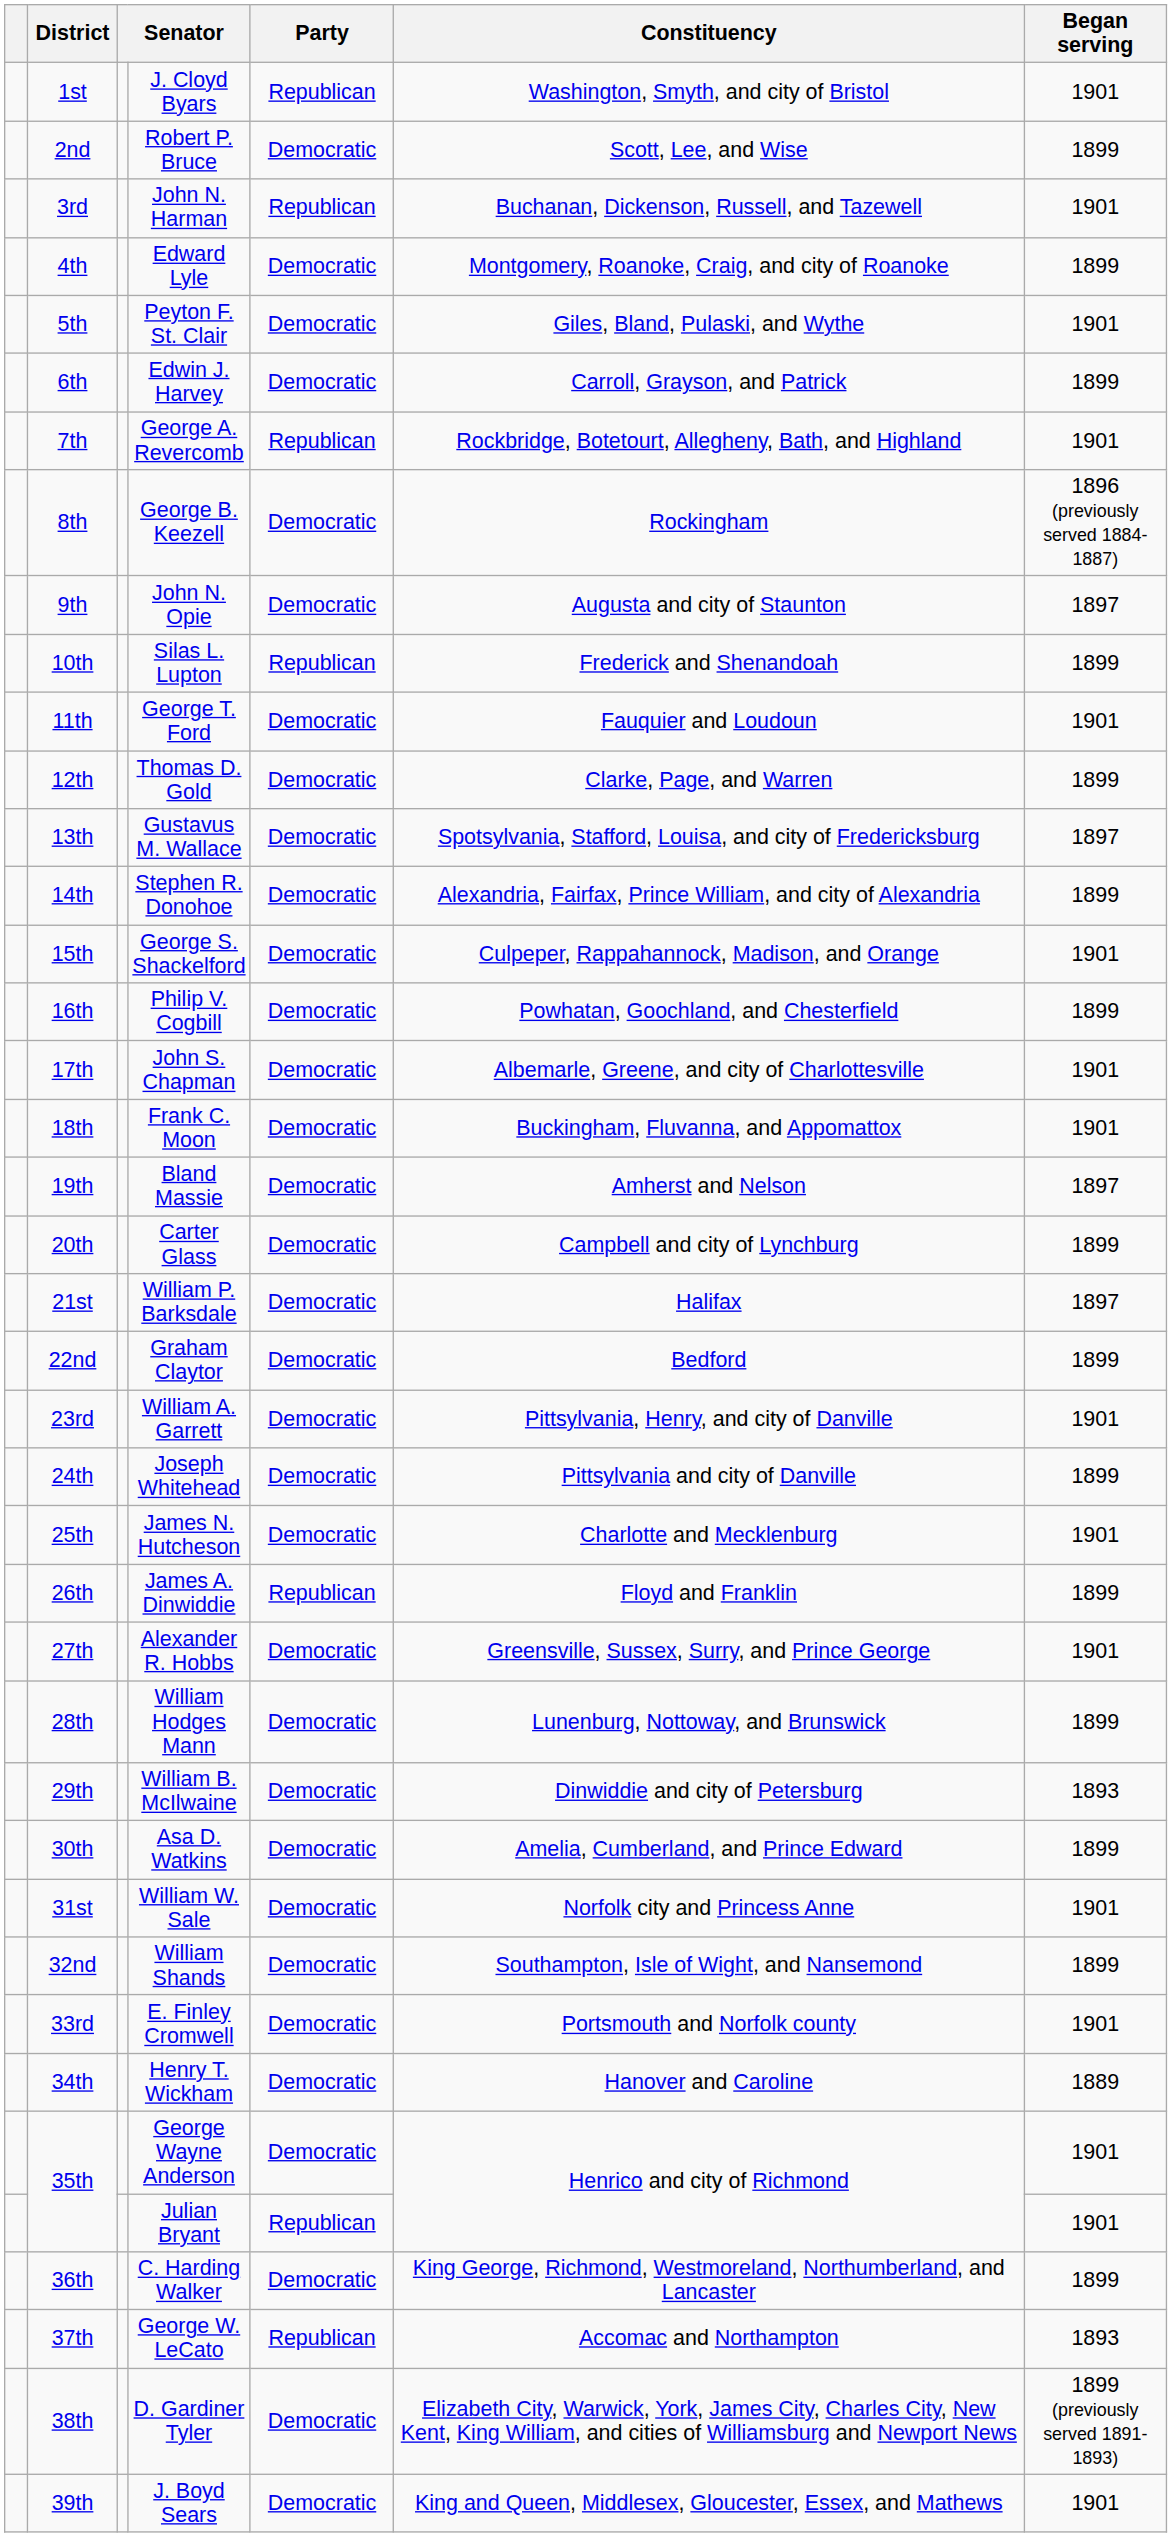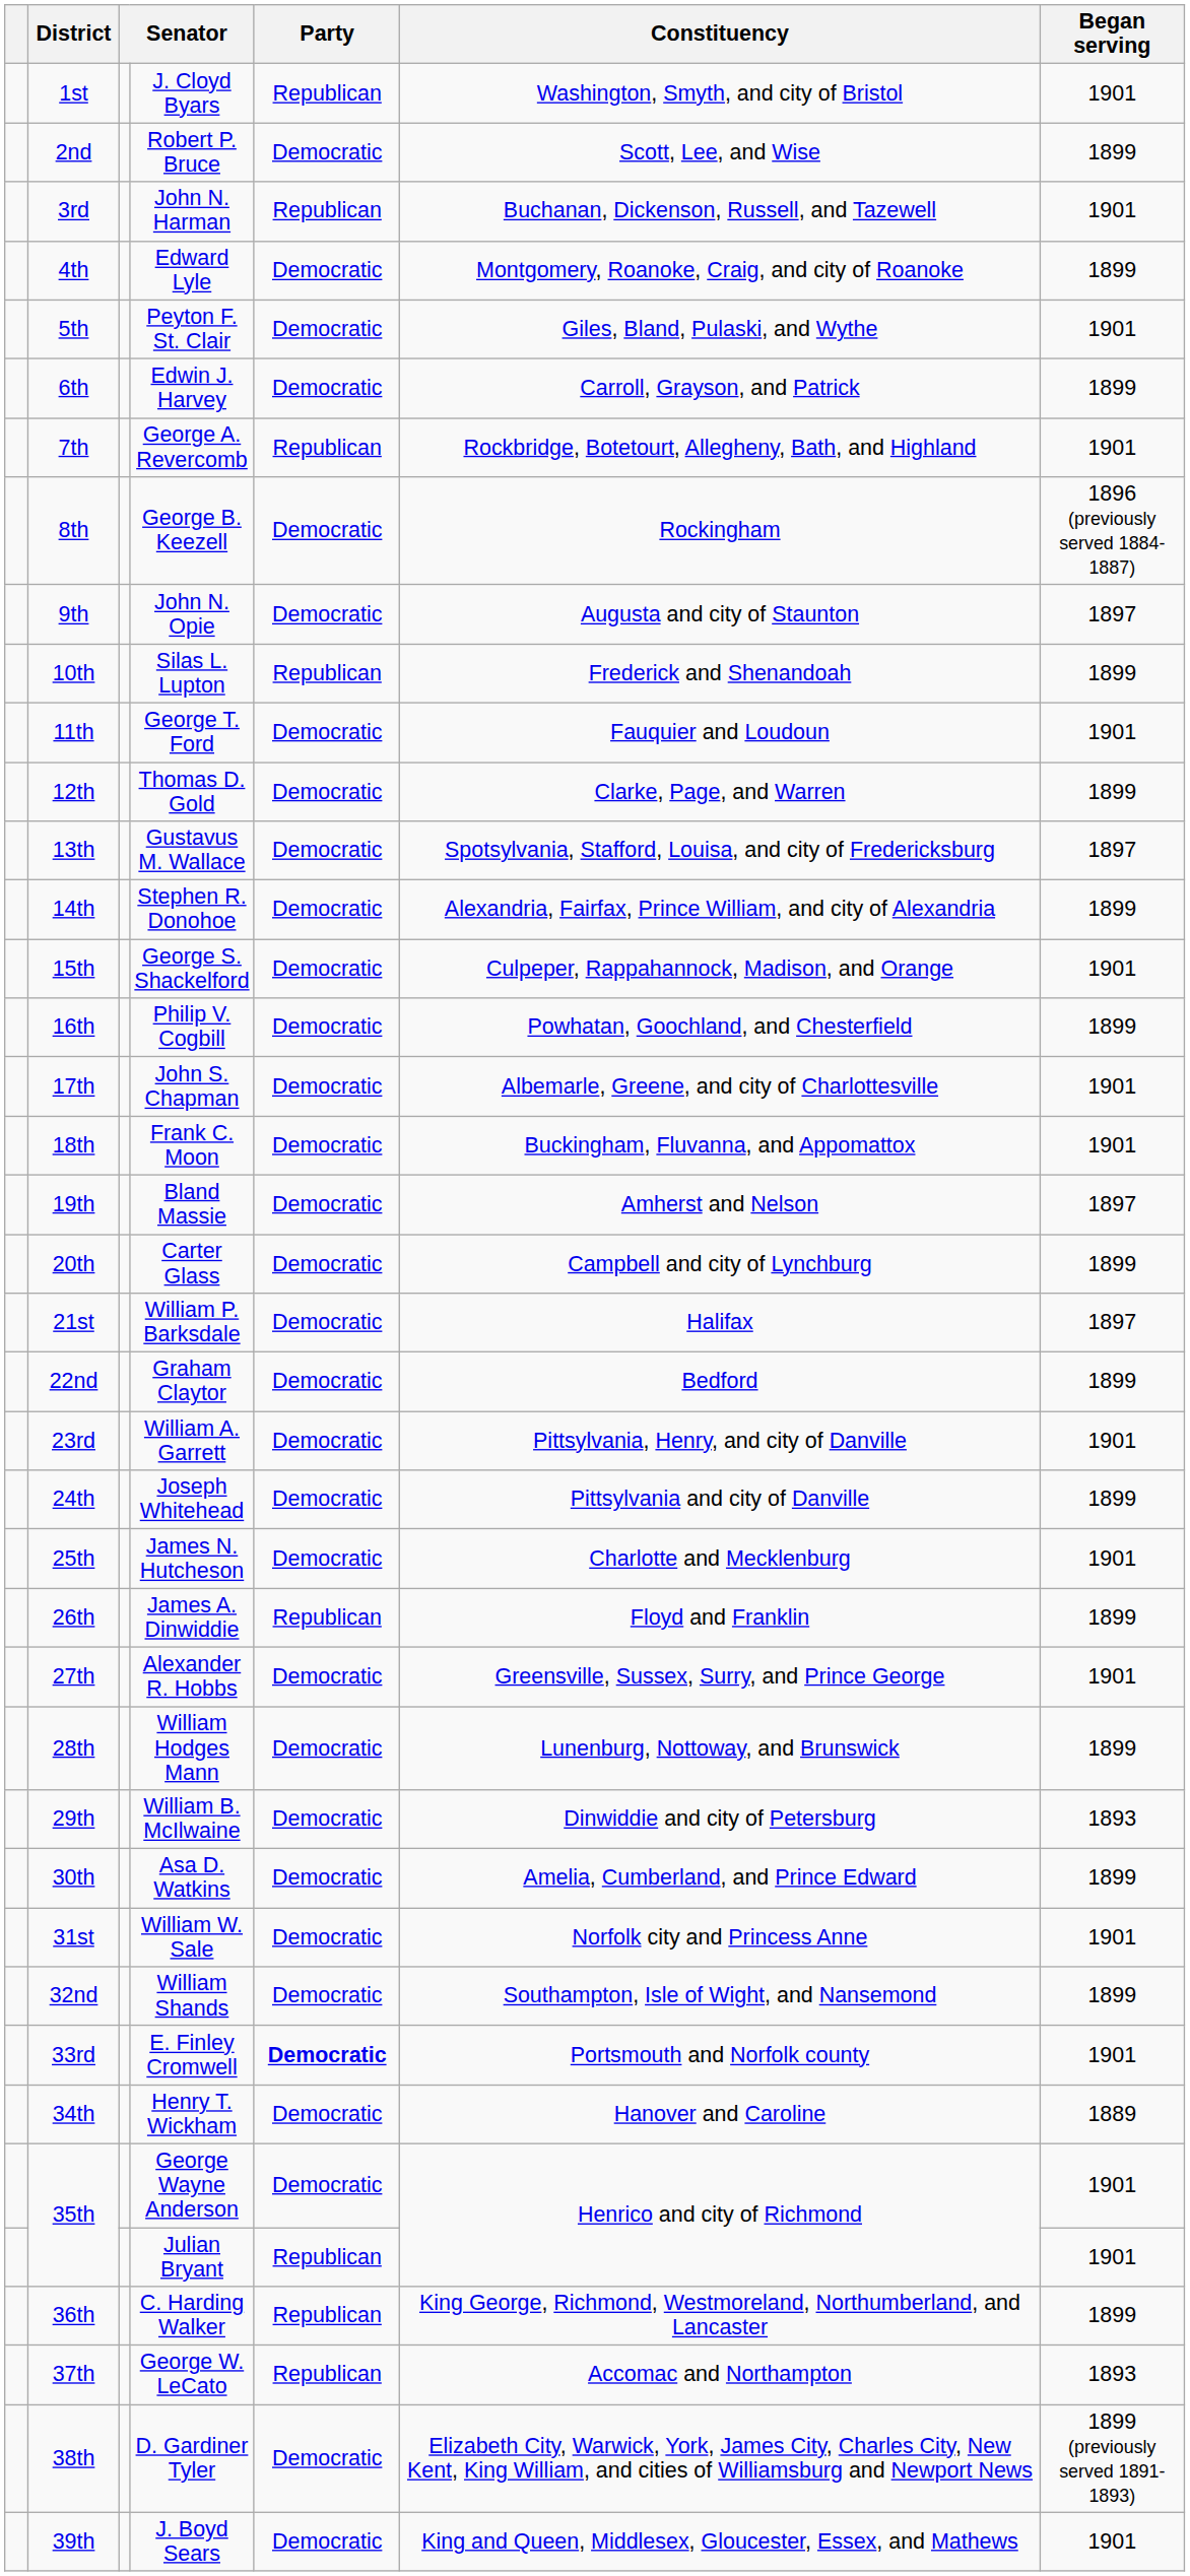 <table class="wikitable" style="text-align:center">
 <tr>
 <th width="10px"></th>
 <th width="60px">District</th>
 <th colspan=2 width="225px">Senator</th>
 <th width="100px">Party</th>
 <th width="475px">Constituency</th>
 <th width="100px">Began serving</th>
 </tr>
 <tr>
 <td style="background-color:"></td>
 <td><a href='#'>1st</a></td>
 <td></td>
 <td><a href='#'>J. Cloyd Byars</a></td>
 <td><a href='#'>Republican</a></td>
 <td><a href='#'>Washington</a>, <a href='#'>Smyth</a>, and city of <a href='#'>Bristol</a></td>
 <td>1901</td>
 </tr>
 <tr>
 <td style="background-color:"></td>
 <td><a href='#'>2nd</a></td>
 <td></td>
 <td><a href='#'>Robert P. Bruce</a></td>
 <td><a href='#'>Democratic</a></td>
 <td><a href='#'>Scott</a>, <a href='#'>Lee</a>, and <a href='#'>Wise</a></td>
 <td>1899</td>
 </tr>
 <tr>
 <td style="background-color:"></td>
 <td><a href='#'>3rd</a></td>
 <td></td>
 <td><a href='#'>John N. Harman</a></td>
 <td><a href='#'>Republican</a></td>
 <td><a href='#'>Buchanan</a>, <a href='#'>Dickenson</a>, <a href='#'>Russell</a>, and <a href='#'>Tazewell</a></td>
 <td>1901</td>
 </tr>
 <tr>
 <td style="background-color:"></td>
 <td><a href='#'>4th</a></td>
 <td></td>
 <td><a href='#'>Edward Lyle</a></td>
 <td><a href='#'>Democratic</a></td>
 <td><a href='#'>Montgomery</a>, <a href='#'>Roanoke</a>, <a href='#'>Craig</a>, and city of <a href='#'>Roanoke</a></td>
 <td>1899</td>
 </tr>
 <tr>
 <td style="background-color:"></td>
 <td><a href='#'>5th</a></td>
 <td></td>
 <td><a href='#'>Peyton F. St. Clair</a></td>
 <td><a href='#'>Democratic</a></td>
 <td><a href='#'>Giles</a>, <a href='#'>Bland</a>, <a href='#'>Pulaski</a>, and <a href='#'>Wythe</a></td>
 <td>1901</td>
 </tr>
 <tr>
 <td style="background-color:"></td>
 <td><a href='#'>6th</a></td>
 <td></td>
 <td><a href='#'>Edwin J. Harvey</a></td>
 <td><a href='#'>Democratic</a></td>
 <td><a href='#'>Carroll</a>, <a href='#'>Grayson</a>, and <a href='#'>Patrick</a></td>
 <td>1899</td>
 </tr>
 <tr>
 <td style="background-color:"></td>
 <td><a href='#'>7th</a></td>
 <td></td>
 <td><a href='#'>George A. Revercomb</a></td>
 <td><a href='#'>Republican</a></td>
 <td><a href='#'>Rockbridge</a>, <a href='#'>Botetourt</a>, <a href='#'>Allegheny</a>, <a href='#'>Bath</a>, and <a href='#'>Highland</a></td>
 <td>1901</td>
 </tr>
 <tr>
 <td style="background-color:"></td>
 <td><a href='#'>8th</a></td>
 <td></td>
 <td><a href='#'>George B. Keezell</a></td>
 <td><a href='#'>Democratic</a></td>
 <td><a href='#'>Rockingham</a></td>
 <td>1896<br><small>(previously served 1884-1887)</small></td>
 </tr>
 <tr>
 <td style="background-color:"></td>
 <td><a href='#'>9th</a></td>
 <td></td>
 <td><a href='#'>John N. Opie</a></td>
 <td><a href='#'>Democratic</a></td>
 <td><a href='#'>Augusta</a> and city of <a href='#'>Staunton</a></td>
 <td>1897</td>
 </tr>
 <tr>
 <td style="background-color:"></td>
 <td><a href='#'>10th</a></td>
 <td></td>
 <td><a href='#'>Silas L. Lupton</a></td>
 <td><a href='#'>Republican</a></td>
 <td><a href='#'>Frederick</a> and <a href='#'>Shenandoah</a></td>
 <td>1899</td>
 </tr>
 <tr>
 <td style="background-color:"></td>
 <td><a href='#'>11th</a></td>
 <td></td>
 <td><a href='#'>George T. Ford</a></td>
 <td><a href='#'>Democratic</a></td>
 <td><a href='#'>Fauquier</a> and <a href='#'>Loudoun</a></td>
 <td>1901</td>
 </tr>
 <tr>
 <td style="background-color:"></td>
 <td><a href='#'>12th</a></td>
 <td></td>
 <td><a href='#'>Thomas D. Gold</a></td>
 <td><a href='#'>Democratic</a></td>
 <td><a href='#'>Clarke</a>, <a href='#'>Page</a>, and <a href='#'>Warren</a></td>
 <td>1899</td>
 </tr>
 <tr>
 <td style="background-color:"></td>
 <td><a href='#'>13th</a></td>
 <td></td>
 <td><a href='#'>Gustavus M. Wallace</a></td>
 <td><a href='#'>Democratic</a></td>
 <td><a href='#'>Spotsylvania</a>, <a href='#'>Stafford</a>, <a href='#'>Louisa</a>, and city of <a href='#'>Fredericksburg</a></td>
 <td>1897</td>
 </tr>
 <tr>
 <td style="background-color:"></td>
 <td><a href='#'>14th</a></td>
 <td></td>
 <td><a href='#'>Stephen R. Donohoe</a></td>
 <td><a href='#'>Democratic</a></td>
 <td><a href='#'>Alexandria</a>, <a href='#'>Fairfax</a>, <a href='#'>Prince William</a>, and city of <a href='#'>Alexandria</a></td>
 <td>1899</td>
 </tr>
 <tr>
 <td style="background-color:"></td>
 <td><a href='#'>15th</a></td>
 <td></td>
 <td><a href='#'>George S. Shackelford</a></td>
 <td><a href='#'>Democratic</a></td>
 <td><a href='#'>Culpeper</a>, <a href='#'>Rappahannock</a>, <a href='#'>Madison</a>, and <a href='#'>Orange</a></td>
 <td>1901</td>
 </tr>
 <tr>
 <td style="background-color:"></td>
 <td><a href='#'>16th</a></td>
 <td></td>
 <td><a href='#'>Philip V. Cogbill</a></td>
 <td><a href='#'>Democratic</a></td>
 <td><a href='#'>Powhatan</a>, <a href='#'>Goochland</a>, and <a href='#'>Chesterfield</a></td>
 <td>1899</td>
 </tr>
 <tr>
 <td style="background-color:"></td>
 <td><a href='#'>17th</a></td>
 <td></td>
 <td><a href='#'>John S. Chapman</a></td>
 <td><a href='#'>Democratic</a></td>
 <td><a href='#'>Albemarle</a>, <a href='#'>Greene</a>, and city of <a href='#'>Charlottesville</a></td>
 <td>1901</td>
 </tr>
 <tr>
 <td style="background-color:"></td>
 <td><a href='#'>18th</a></td>
 <td></td>
 <td><a href='#'>Frank C. Moon</a></td>
 <td><a href='#'>Democratic</a></td>
 <td><a href='#'>Buckingham</a>, <a href='#'>Fluvanna</a>, and <a href='#'>Appomattox</a></td>
 <td>1901</td>
 </tr>
 <tr>
 <td style="background-color:"></td>
 <td><a href='#'>19th</a></td>
 <td></td>
 <td><a href='#'>Bland Massie</a></td>
 <td><a href='#'>Democratic</a></td>
 <td><a href='#'>Amherst</a> and <a href='#'>Nelson</a></td>
 <td>1897</td>
 </tr>
 <tr>
 <td style="background-color:"></td>
 <td><a href='#'>20th</a></td>
 <td></td>
 <td><a href='#'>Carter Glass</a></td>
 <td><a href='#'>Democratic</a></td>
 <td><a href='#'>Campbell</a> and city of <a href='#'>Lynchburg</a></td>
 <td>1899</td>
 </tr>
 <tr>
 <td style="background-color:"></td>
 <td><a href='#'>21st</a></td>
 <td></td>
 <td><a href='#'>William P. Barksdale</a></td>
 <td><a href='#'>Democratic</a></td>
 <td><a href='#'>Halifax</a></td>
 <td>1897</td>
 </tr>
 <tr>
 <td style="background-color:"></td>
 <td><a href='#'>22nd</a></td>
 <td></td>
 <td><a href='#'>Graham Claytor</a></td>
 <td><a href='#'>Democratic</a></td>
 <td><a href='#'>Bedford</a></td>
 <td>1899</td>
 </tr>
 <tr>
 <td style="background-color:"></td>
 <td><a href='#'>23rd</a></td>
 <td></td>
 <td><a href='#'>William A. Garrett</a></td>
 <td><a href='#'>Democratic</a></td>
 <td><a href='#'>Pittsylvania</a>, <a href='#'>Henry</a>, and city of <a href='#'>Danville</a></td>
 <td>1901</td>
 </tr>
 <tr>
 <td style="background-color:"></td>
 <td><a href='#'>24th</a></td>
 <td></td>
 <td><a href='#'>Joseph Whitehead</a></td>
 <td><a href='#'>Democratic</a></td>
 <td><a href='#'>Pittsylvania</a> and city of <a href='#'>Danville</a></td>
 <td>1899</td>
 </tr>
 <tr>
 <td style="background-color:"></td>
 <td><a href='#'>25th</a></td>
 <td></td>
 <td><a href='#'>James N. Hutcheson</a></td>
 <td><a href='#'>Democratic</a></td>
 <td><a href='#'>Charlotte</a> and <a href='#'>Mecklenburg</a></td>
 <td>1901</td>
 </tr>
 <tr>
 <td style="background-color:"></td>
 <td><a href='#'>26th</a></td>
 <td></td>
 <td><a href='#'>James A. Dinwiddie</a></td>
 <td><a href='#'>Republican</a></td>
 <td><a href='#'>Floyd</a> and <a href='#'>Franklin</a></td>
 <td>1899</td>
 </tr>
 <tr>
 <td style="background-color:"></td>
 <td><a href='#'>27th</a></td>
 <td></td>
 <td><a href='#'>Alexander R. Hobbs</a></td>
 <td><a href='#'>Democratic</a></td>
 <td><a href='#'>Greensville</a>, <a href='#'>Sussex</a>, <a href='#'>Surry</a>, and <a href='#'>Prince George</a></td>
 <td>1901</td>
 </tr>
 <tr>
 <td style="background-color:"></td>
 <td><a href='#'>28th</a></td>
 <td></td>
 <td><a href='#'>William Hodges Mann</a></td>
 <td><a href='#'>Democratic</a></td>
 <td><a href='#'>Lunenburg</a>, <a href='#'>Nottoway</a>, and <a href='#'>Brunswick</a></td>
 <td>1899</td>
 </tr>
 <tr>
 <td style="background-color:"></td>
 <td><a href='#'>29th</a></td>
 <td></td>
 <td><a href='#'>William B. McIlwaine</a></td>
 <td><a href='#'>Democratic</a></td>
 <td><a href='#'>Dinwiddie</a> and city of <a href='#'>Petersburg</a></td>
 <td>1893</td>
 </tr>
 <tr>
 <td style="background-color:"></td>
 <td><a href='#'>30th</a></td>
 <td></td>
 <td><a href='#'>Asa D. Watkins</a></td>
 <td><a href='#'>Democratic</a></td>
 <td><a href='#'>Amelia</a>, <a href='#'>Cumberland</a>, and <a href='#'>Prince Edward</a></td>
 <td>1899</td>
 </tr>
 <tr>
 <td style="background-color:"></td>
 <td><a href='#'>31st</a></td>
 <td></td>
 <td><a href='#'>William W. Sale</a></td>
 <td><a href='#'>Democratic</a></td>
 <td><a href='#'>Norfolk</a> city and <a href='#'>Princess Anne</a></td>
 <td>1901</td>
 </tr>
 <tr>
 <td style="background-color:"></td>
 <td><a href='#'>32nd</a></td>
 <td></td>
 <td><a href='#'>William Shands</a></td>
 <td><a href='#'>Democratic</a></td>
 <td><a href='#'>Southampton</a>, <a href='#'>Isle of Wight</a>, and <a href='#'>Nansemond</a></td>
 <td>1899</td>
 </tr>
 <tr>
 <td style="background-color:"></td>
 <td><a href='#'>33rd</a></td>
 <td></td>
 <td><a href='#'>E. Finley Cromwell</a></td>
-<td><a href='#'>Democratic</a></td>
+<td><strong><a href='#'>Democratic</a></strong></td>
 <td><a href='#'>Portsmouth</a> and <a href='#'>Norfolk county</a></td>
 <td>1901</td>
 </tr>
 <tr>
 <td style="background-color:"></td>
 <td><a href='#'>34th</a></td>
 <td></td>
 <td><a href='#'>Henry T. Wickham</a></td>
 <td><a href='#'>Democratic</a></td>
 <td><a href='#'>Hanover</a> and <a href='#'>Caroline</a></td>
 <td>1889</td>
 </tr>
 <tr>
 <td style="background-color:"></td>
 <td rowspan="2"><a href='#'>35th</a></td>
 <td></td>
 <td><a href='#'>George Wayne Anderson</a></td>
 <td><a href='#'>Democratic</a></td>
 <td rowspan="2"><a href='#'>Henrico</a> and city of <a href='#'>Richmond</a></td>
 <td>1901</td>
 </tr>
 <tr>
 <td style="background-color:"></td>
 <td></td>
 <td><a href='#'>Julian Bryant</a></td>
 <td><a href='#'>Republican</a></td>
 <td>1901</td>
 </tr>
 <tr>
 <td style="background-color:"></td>
 <td><a href='#'>36th</a></td>
 <td></td>
 <td><a href='#'>C. Harding Walker</a></td>
-<td><a href='#'>Democratic</a></td>
+<td><a href='#'>Republican</a></td>
 <td><a href='#'>King George</a>, <a href='#'>Richmond</a>, <a href='#'>Westmoreland</a>, <a href='#'>Northumberland</a>, and <a href='#'>Lancaster</a></td>
 <td>1899</td>
 </tr>
 <tr>
 <td style="background-color:"></td>
 <td><a href='#'>37th</a></td>
 <td></td>
 <td><a href='#'>George W. LeCato</a></td>
 <td><a href='#'>Republican</a></td>
 <td><a href='#'>Accomac</a> and <a href='#'>Northampton</a></td>
 <td>1893</td>
 </tr>
 <tr>
 <td style="background-color:"></td>
 <td><a href='#'>38th</a></td>
 <td></td>
 <td><a href='#'>D. Gardiner Tyler</a></td>
 <td><a href='#'>Democratic</a></td>
 <td><a href='#'>Elizabeth City</a>, <a href='#'>Warwick</a>, <a href='#'>York</a>, <a href='#'>James City</a>, <a href='#'>Charles City</a>, <a href='#'>New Kent</a>, <a href='#'>King William</a>, and cities of <a href='#'>Williamsburg</a> and <a href='#'>Newport News</a></td>
 <td>1899<br><small>(previously served 1891-1893)</small></td>
 </tr>
 <tr>
 <td style="background-color:"></td>
 <td><a href='#'>39th</a></td>
 <td></td>
 <td><a href='#'>J. Boyd Sears</a></td>
 <td><a href='#'>Democratic</a></td>
 <td><a href='#'>King and Queen</a>, <a href='#'>Middlesex</a>, <a href='#'>Gloucester</a>, <a href='#'>Essex</a>, and <a href='#'>Mathews</a></td>
 <td>1901</td>
 </tr>
 </table>
